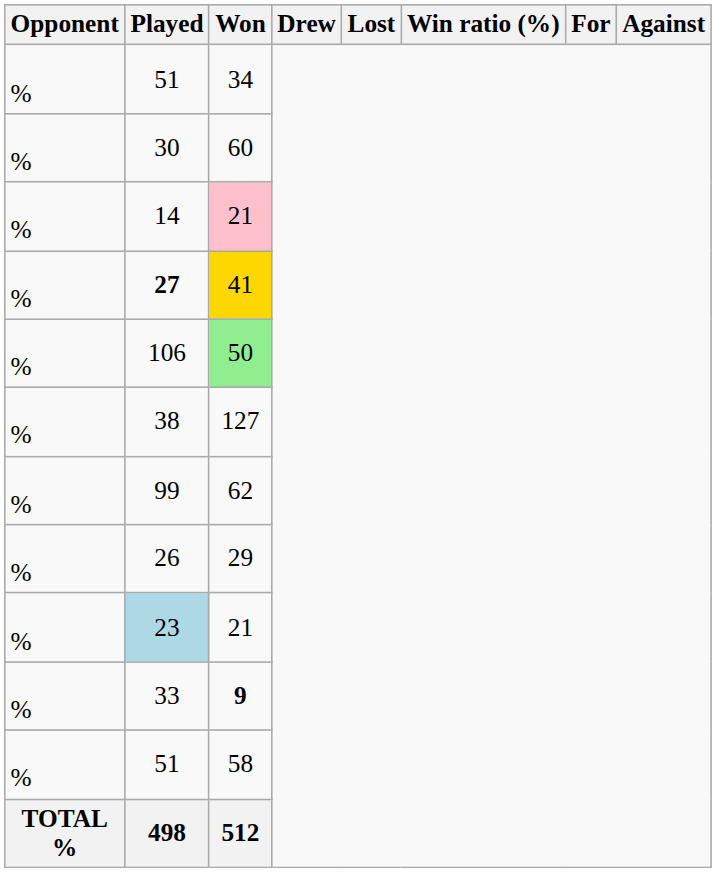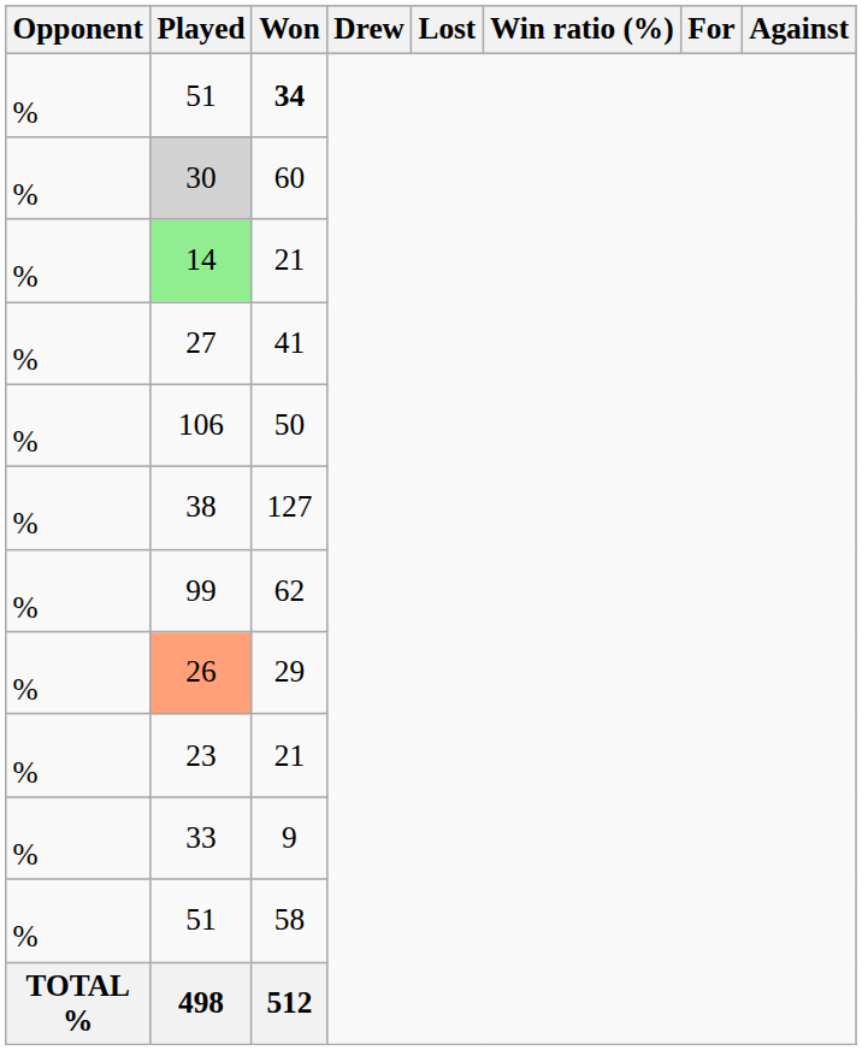 <table class="wikitable sortable">
 <tr>
 <th>Opponent</th>
 <th>Played</th>
 <th>Won</th>
 <th>Drew</th>
 <th>Lost</th>
 <th>Win ratio (%)</th>
 <th>For</th>
 <th>Against</th>
 </tr>
 <tr align=center>
 <td align=left><br>%</td>
 <td>51</td>
-<td>34</td>
+<td><strong>34</strong></td>
 </tr>
 <tr align=center>
 <td align=left><br>%</td>
-<td>30</td>
+<td style="background: lightgrey;">30</td>
 <td>60</td>
 </tr>
 <tr align=center>
 <td align=left><br>%</td>
-<td>14</td>
-<td style="background: pink;">21</td>
+<td style="background: lightgreen;">14</td>
+<td>21</td>
 </tr>
 <tr align=center>
 <td align=left><br>%</td>
-<td><strong>27</strong></td>
-<td style="background: gold;">41</td>
+<td>27</td>
+<td>41</td>
 </tr>
 <tr align=center>
 <td align=left><br>%</td>
 <td>106</td>
-<td style="background: lightgreen;">50</td>
+<td>50</td>
 </tr>
 <tr align=center>
 <td align=left><br>%</td>
 <td>38</td>
 <td>127</td>
 </tr>
 <tr align=center>
 <td align=left><br>%</td>
 <td>99</td>
 <td>62</td>
 </tr>
 <tr align=center>
 <td align=left><br>%</td>
-<td>26</td>
+<td style="background: lightsalmon;">26</td>
 <td>29</td>
 </tr>
 <tr align=center>
 <td align=left><br>%</td>
-<td style="background: lightblue;">23</td>
+<td>23</td>
 <td>21</td>
 </tr>
 <tr align=center>
 <td align=left><br>%</td>
 <td>33</td>
-<td><strong>9</strong></td>
+<td>9</td>
 </tr>
 <tr align=center>
 <td align=left><br>%</td>
 <td>51</td>
 <td>58</td>
 </tr>
 <tr align=center>
 <th>TOTAL<br>%</th>
 <th>498</th>
 <th>512</th>
 </tr>
 </table>
